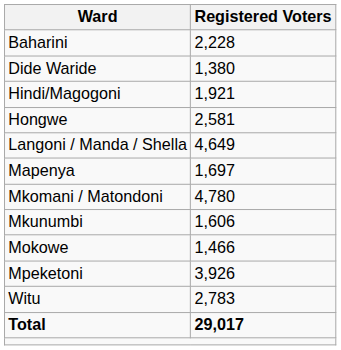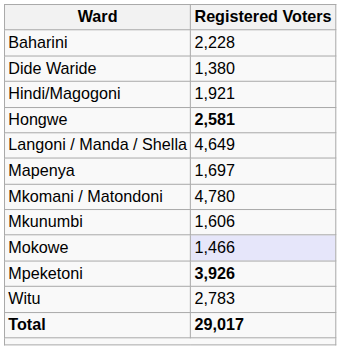 <table class="wikitable">
 <tr>
 <th>Ward</th>
 <th>Registered Voters</th>
 </tr>
 <tr>
 <td>Baharini</td>
 <td>2,228</td>
 </tr>
 <tr>
 <td>Dide Waride</td>
 <td>1,380</td>
 </tr>
 <tr>
 <td>Hindi/Magogoni</td>
 <td>1,921</td>
 </tr>
 <tr>
 <td>Hongwe</td>
-<td>2,581</td>
+<td><strong>2,581</strong></td>
 </tr>
 <tr>
 <td>Langoni / Manda / Shella</td>
 <td>4,649</td>
 </tr>
 <tr>
 <td>Mapenya</td>
 <td>1,697</td>
 </tr>
 <tr>
 <td>Mkomani / Matondoni</td>
 <td>4,780</td>
 </tr>
 <tr>
 <td>Mkunumbi</td>
 <td>1,606</td>
 </tr>
 <tr>
 <td>Mokowe</td>
-<td>1,466</td>
+<td style="background: lavender;">1,466</td>
 </tr>
 <tr>
 <td>Mpeketoni</td>
-<td>3,926</td>
+<td><strong>3,926</strong></td>
 </tr>
 <tr>
 <td>Witu</td>
 <td>2,783</td>
 </tr>
 <tr>
 <td><strong>Total</strong></td>
 <td><strong>29,017</strong></td>
 </tr>
 <tr>
 <td colspan="2"></td>
 </tr>
 </table>
